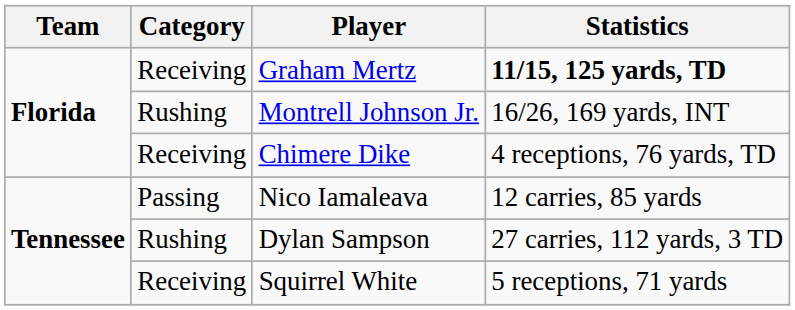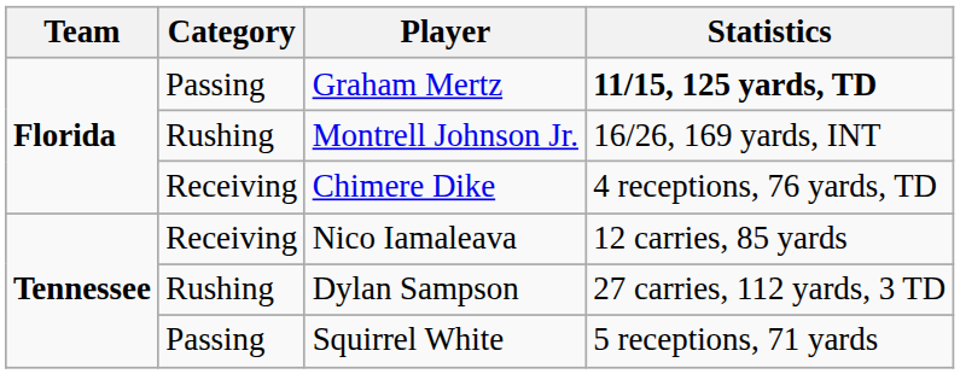 <table class="wikitable" style="float: right;">
 <tr>
 <th>Team</th>
 <th>Category</th>
 <th>Player</th>
 <th>Statistics</th>
 </tr>
 <tr>
 <td rowspan=3><strong>Florida</strong></td>
-<td>Receiving</td>
+<td>Passing</td>
 <td><a href='#'>Graham Mertz</a></td>
 <td><strong>11/15, 125 yards, TD</strong></td>
 </tr>
 <tr>
 <td>Rushing</td>
 <td><a href='#'>Montrell Johnson Jr.</a></td>
 <td>16/26, 169 yards, INT</td>
 </tr>
 <tr>
 <td>Receiving</td>
 <td><a href='#'>Chimere Dike</a></td>
 <td>4 receptions, 76 yards, TD</td>
 </tr>
 <tr>
 <td rowspan=3><strong>Tennessee</strong></td>
-<td>Passing</td>
+<td>Receiving</td>
 <td>Nico Iamaleava</td>
 <td>12 carries, 85 yards</td>
 </tr>
 <tr>
 <td>Rushing</td>
 <td>Dylan Sampson</td>
 <td>27 carries, 112 yards, 3 TD</td>
 </tr>
 <tr>
-<td>Receiving</td>
+<td>Passing</td>
 <td>Squirrel White</td>
 <td>5 receptions, 71 yards</td>
 </tr>
 </table>
